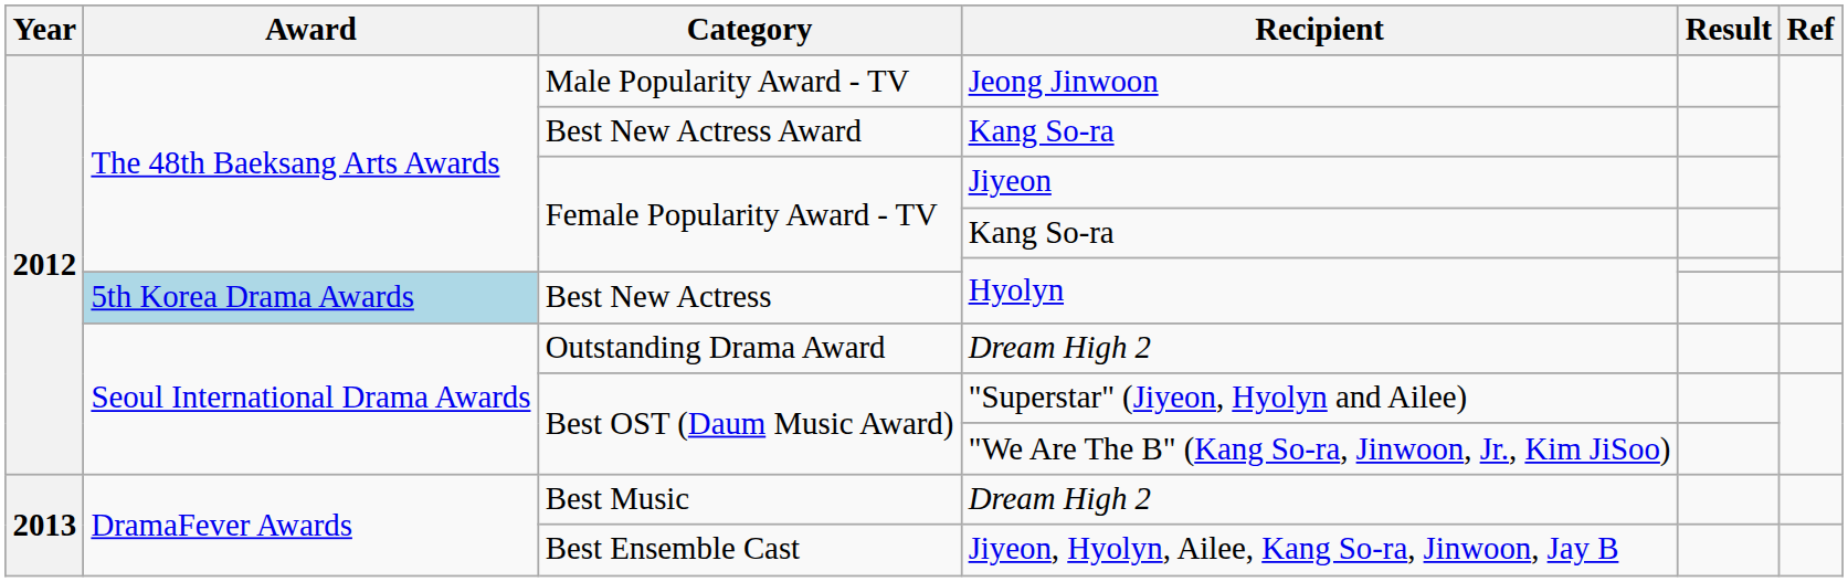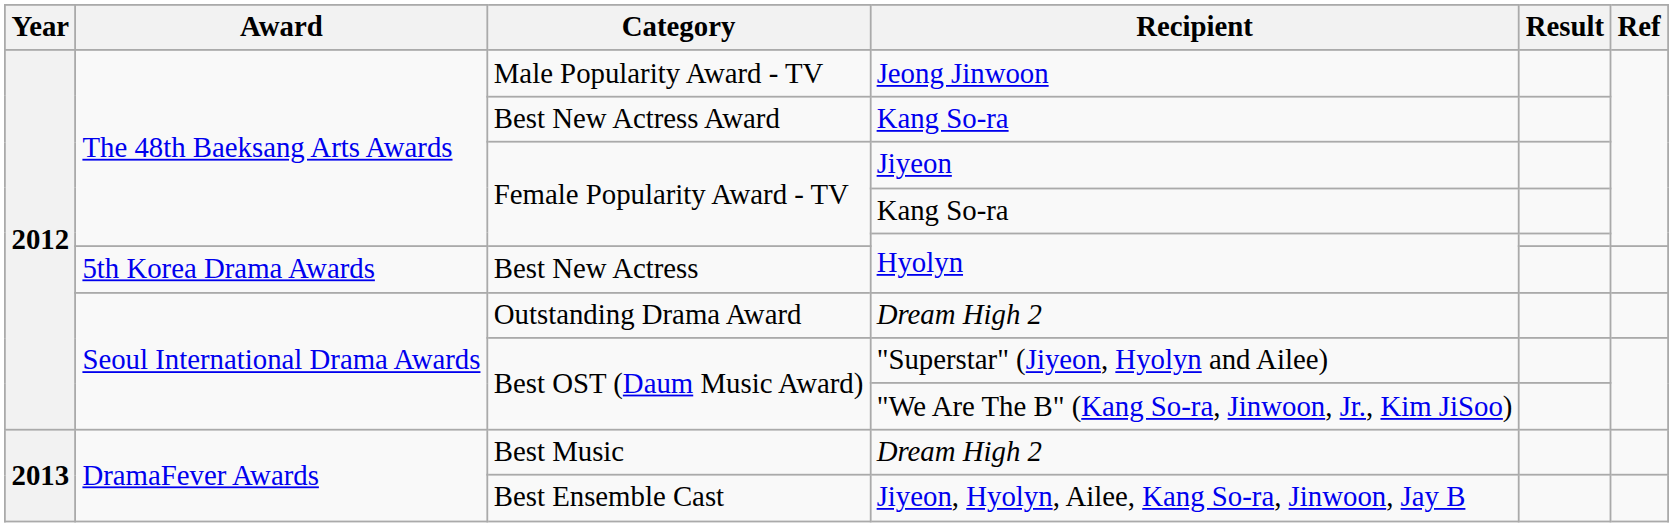 <table class="wikitable">
 <tr>
 <th>Year</th>
 <th>Award</th>
 <th>Category</th>
 <th>Recipient</th>
 <th>Result</th>
 <th>Ref</th>
 </tr>
 <tr>
 <th rowspan="9">2012</th>
 <td rowspan="5"><a href='#'>The 48th Baeksang Arts Awards</a></td>
 <td>Male Popularity Award - TV</td>
 <td><a href='#'>Jeong Jinwoon</a></td>
 <td></td>
 <td rowspan="5"></td>
 </tr>
 <tr>
 <td>Best New Actress Award</td>
 <td><a href='#'>Kang So-ra</a></td>
 <td></td>
 </tr>
 <tr>
 <td rowspan="3">Female Popularity Award - TV</td>
 <td><a href='#'>Jiyeon</a></td>
 <td></td>
 </tr>
 <tr>
 <td>Kang So-ra</td>
 <td></td>
 </tr>
 <tr>
 <td rowspan="2"><a href='#'>Hyolyn</a></td>
 <td></td>
 </tr>
 <tr>
-<td style="background: lightblue;"><a href='#'>5th Korea Drama Awards</a></td>
+<td><a href='#'>5th Korea Drama Awards</a></td>
 <td>Best New Actress</td>
 <td></td>
 <td></td>
 </tr>
 <tr>
 <td rowspan="3"><a href='#'>Seoul International Drama Awards</a></td>
 <td>Outstanding Drama Award</td>
 <td><em>Dream High 2</em></td>
 <td></td>
 <td></td>
 </tr>
 <tr>
 <td rowspan="2">Best OST (<a href='#'>Daum</a> Music Award)</td>
 <td>"Superstar" (<a href='#'>Jiyeon</a>, <a href='#'>Hyolyn</a> and Ailee)</td>
 <td></td>
 <td rowspan="2"></td>
 </tr>
 <tr>
 <td>"We Are The B" (<a href='#'>Kang So-ra</a>, <a href='#'>Jinwoon</a>, <a href='#'>Jr.</a>, <a href='#'>Kim JiSoo</a>)</td>
 <td></td>
 </tr>
 <tr>
 <th rowspan="2">2013</th>
 <td rowspan="2"><a href='#'>DramaFever Awards</a></td>
 <td>Best Music</td>
 <td><em>Dream High 2</em></td>
 <td></td>
 <td></td>
 </tr>
 <tr>
 <td>Best Ensemble Cast</td>
 <td><a href='#'>Jiyeon</a>, <a href='#'>Hyolyn</a>, Ailee, <a href='#'>Kang So-ra</a>, <a href='#'>Jinwoon</a>, <a href='#'>Jay B</a></td>
 <td></td>
 <td></td>
 </tr>
 </table>
